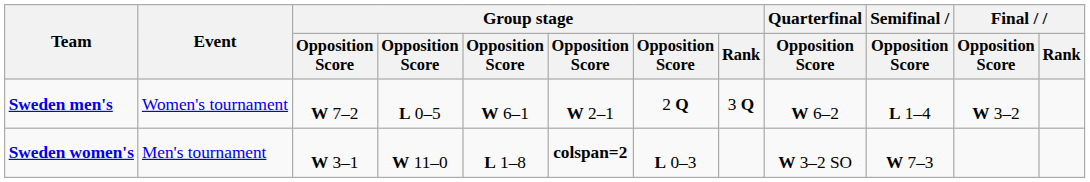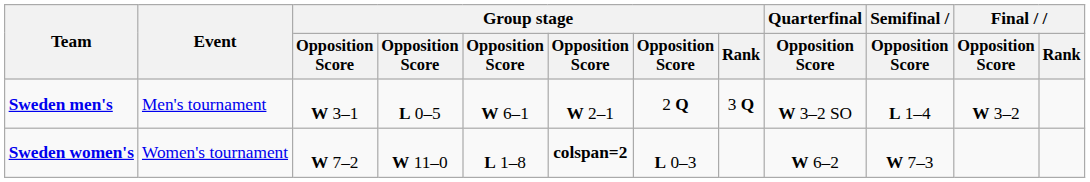 <table class="wikitable" style="font-size:90%">
 <tr>
 <th rowspan=2>Team</th>
 <th rowspan=2>Event</th>
 <th colspan=6>Group stage</th>
 <th>Quarterfinal</th>
 <th>Semifinal / </th>
 <th colspan=2>Final /  / </th>
 </tr>
 <tr style="font-size:95%">
 <th>Opposition<br>Score</th>
 <th>Opposition<br>Score</th>
 <th>Opposition<br>Score</th>
 <th>Opposition<br>Score</th>
 <th>Opposition<br>Score</th>
 <th>Rank</th>
 <th>Opposition<br>Score</th>
 <th>Opposition<br>Score</th>
 <th>Opposition<br>Score</th>
 <th>Rank</th>
 </tr>
 <tr align=center>
 <td align=left><strong><a href='#'>Sweden men's</a></strong></td>
-<td align=left><a href='#'>Women's tournament</a></td>
-<td><br><strong>W</strong> 7–2</td>
+<td align=left><a href='#'>Men's tournament</a></td>
+<td><br> <strong>W</strong> 3–1</td>
 <td><br><strong>L</strong> 0–5</td>
 <td><br><strong>W</strong> 6–1</td>
 <td><br><strong>W</strong> 2–1</td>
 <td>2 <strong>Q</strong></td>
 <td>3 <strong>Q</strong></td>
-<td><br> <strong>W</strong> 6–2</td>
+<td><br> <strong>W</strong> 3–2 SO</td>
 <td><br> <strong>L</strong> 1–4</td>
 <td><br> <strong>W</strong> 3–2</td>
 <td></td>
 </tr>
 <tr align=center>
 <td align=left><strong><a href='#'>Sweden women's</a></strong></td>
-<td align=left><a href='#'>Men's tournament</a></td>
-<td><br> <strong>W</strong> 3–1</td>
+<td align=left><a href='#'>Women's tournament</a></td>
+<td><br><strong>W</strong> 7–2</td>
 <td><br> <strong>W</strong> 11–0</td>
 <td><br> <strong>L</strong> 1–8</td>
 <td><strong>colspan=2 </strong></td>
 <td><br><strong>L</strong> 0–3</td>
 <td></td>
-<td><br> <strong>W</strong> 3–2 SO</td>
+<td><br> <strong>W</strong> 6–2</td>
 <td><br> <strong>W</strong> 7–3</td>
 <td></td>
 </tr>
 </table>
